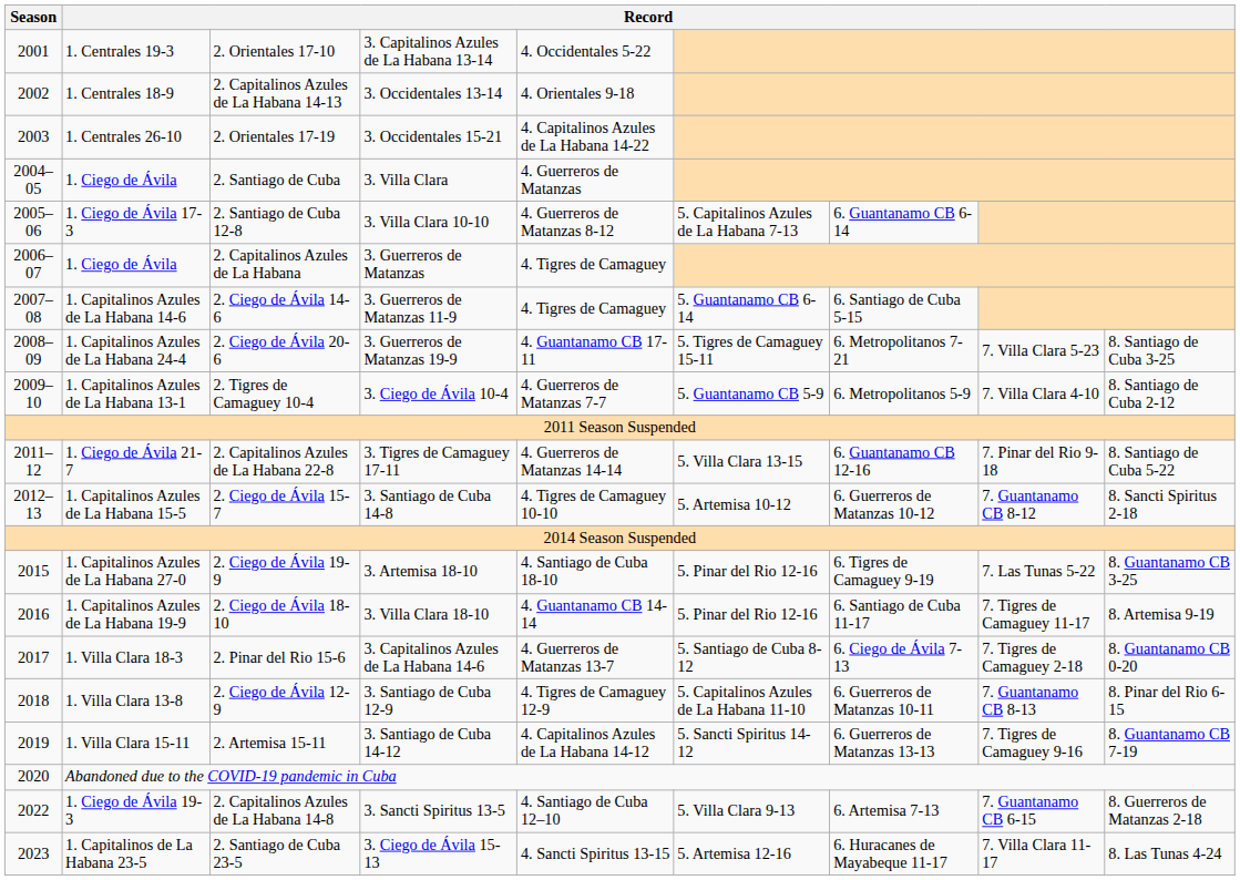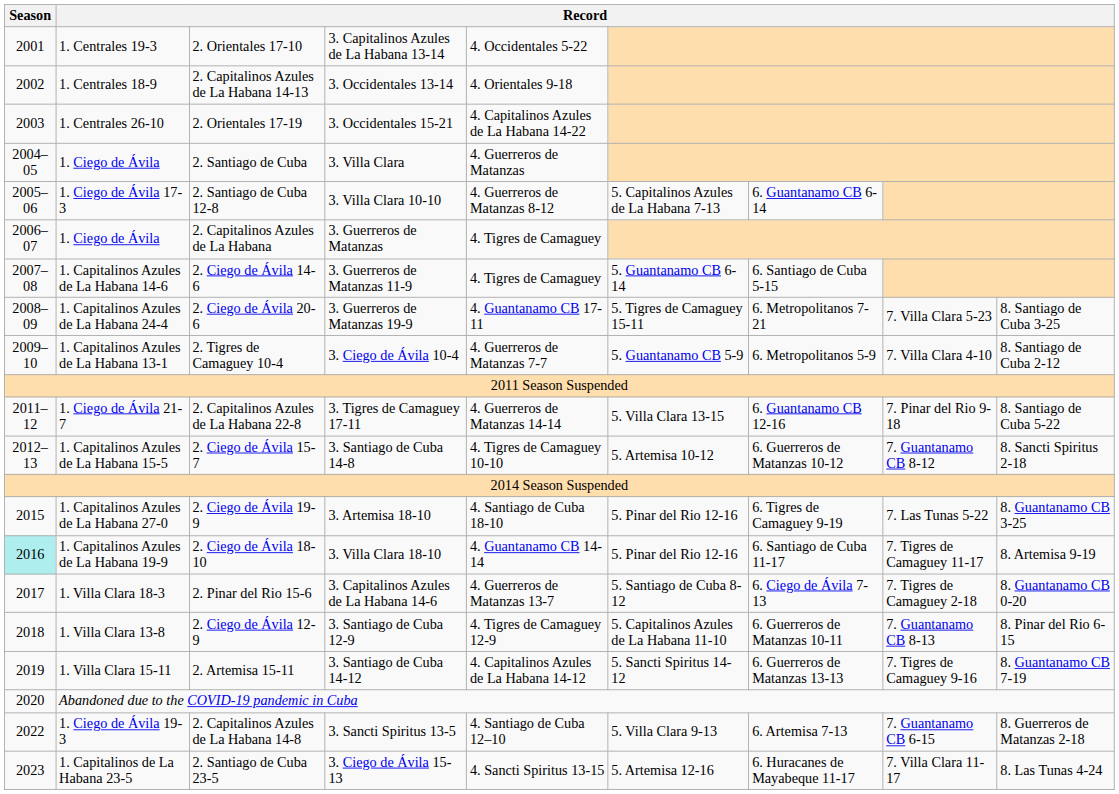 <table class="wikitable">
 <tr>
 <th>Season</th>
 <th colspan="8" style="text-align: center;">Record</th>
 </tr>
 <tr>
 <td style="text-align:center;">2001</td>
 <td>1. Centrales 19-3</td>
 <td>2. Orientales 17-10</td>
 <td>3. Capitalinos Azules de La Habana 13-14</td>
 <td>4. Occidentales 5-22</td>
 <th colspan="4": style='background: #ffdead;'></th>
 </tr>
 <tr>
 <td style="text-align:center;">2002</td>
 <td>1. Centrales 18-9</td>
 <td>2. Capitalinos Azules de La Habana 14-13</td>
 <td>3. Occidentales 13-14</td>
 <td>4. Orientales 9-18</td>
 <th colspan="4": style='background: #ffdead;'></th>
 </tr>
 <tr>
 <td style="text-align:center;">2003</td>
 <td>1. Centrales 26-10</td>
 <td>2. Orientales 17-19</td>
 <td>3. Occidentales 15-21</td>
 <td>4. Capitalinos Azules de La Habana 14-22</td>
 <th colspan="4": style='background: #ffdead;'></th>
 </tr>
 <tr>
 <td style="text-align:center;">2004–05</td>
 <td>1. <a href='#'>Ciego de Ávila</a></td>
 <td>2. Santiago de Cuba</td>
 <td>3. Villa Clara</td>
 <td>4. Guerreros de Matanzas</td>
 <th colspan="4": style='background: #ffdead;'></th>
 </tr>
 <tr>
 <td style="text-align:center;">2005–06</td>
 <td>1. <a href='#'>Ciego de Ávila</a> 17-3</td>
 <td>2. Santiago de Cuba 12-8</td>
 <td>3. Villa Clara 10-10</td>
 <td>4. Guerreros de Matanzas 8-12</td>
 <td>5. Capitalinos Azules de La Habana 7-13</td>
 <td>6. <a href='#'>Guantanamo CB</a> 6-14</td>
 <th colspan="2": style='background: #ffdead;'></th>
 </tr>
 <tr>
 <td style="text-align:center;">2006–07</td>
 <td>1. <a href='#'>Ciego de Ávila</a></td>
 <td>2. Capitalinos Azules de La Habana</td>
 <td>3. Guerreros de Matanzas</td>
 <td>4. Tigres de Camaguey</td>
 <th colspan="4": style='background: #ffdead;'></th>
 </tr>
 <tr>
 <td style="text-align:center;">2007–08</td>
 <td>1. Capitalinos Azules de La Habana 14-6</td>
 <td>2. <a href='#'>Ciego de Ávila</a> 14-6</td>
 <td>3. Guerreros de Matanzas 11-9</td>
 <td>4. Tigres de Camaguey</td>
 <td>5. <a href='#'>Guantanamo CB</a> 6-14</td>
 <td>6. Santiago de Cuba 5-15</td>
 <th colspan="2": style='background: #ffdead;'></th>
 </tr>
 <tr>
 <td style="text-align:center;">2008–09</td>
 <td>1. Capitalinos Azules de La Habana 24-4</td>
 <td>2. <a href='#'>Ciego de Ávila</a> 20-6</td>
 <td>3. Guerreros de Matanzas 19-9</td>
 <td>4. <a href='#'>Guantanamo CB</a> 17-11</td>
 <td>5. Tigres de Camaguey 15-11</td>
 <td>6. Metropolitanos 7-21</td>
 <td>7. Villa Clara 5-23</td>
 <td>8. Santiago de Cuba 3-25</td>
 </tr>
 <tr>
 <td style="text-align:center;">2009–10</td>
 <td>1. Capitalinos Azules de La Habana 13-1</td>
 <td>2. Tigres de Camaguey 10-4</td>
 <td>3. <a href='#'>Ciego de Ávila</a> 10-4</td>
 <td>4. Guerreros de Matanzas 7-7</td>
 <td>5. <a href='#'>Guantanamo CB</a> 5-9</td>
 <td>6. Metropolitanos 5-9</td>
 <td>7. Villa Clara 4-10</td>
 <td>8. Santiago de Cuba 2-12</td>
 </tr>
 <tr>
 <td colspan="9" style="text-align: center; background: #ffdead;">2011 Season Suspended</td>
 </tr>
 <tr>
 <td style="text-align:center;">2011–12</td>
 <td>1. <a href='#'>Ciego de Ávila</a> 21-7</td>
 <td>2. Capitalinos Azules de La Habana 22-8</td>
 <td>3. Tigres de Camaguey 17-11</td>
 <td>4. Guerreros de Matanzas 14-14</td>
 <td>5. Villa Clara 13-15</td>
 <td>6. <a href='#'>Guantanamo CB</a> 12-16</td>
 <td>7. Pinar del Rio 9-18</td>
 <td>8. Santiago de Cuba 5-22</td>
 </tr>
 <tr>
 <td style="text-align:center;">2012–13</td>
 <td>1. Capitalinos Azules de La Habana 15-5</td>
 <td>2. <a href='#'>Ciego de Ávila</a> 15-7</td>
 <td>3. Santiago de Cuba 14-8</td>
 <td>4. Tigres de Camaguey 10-10</td>
 <td>5. Artemisa 10-12</td>
 <td>6. Guerreros de Matanzas 10-12</td>
 <td>7. <a href='#'>Guantanamo CB</a> 8-12</td>
 <td>8. Sancti Spiritus 2-18</td>
 </tr>
 <tr>
 <td colspan="9" style="text-align: center; background: #ffdead;">2014 Season Suspended</td>
 </tr>
 <tr>
 <td style="text-align:center;">2015</td>
 <td>1. Capitalinos Azules de La Habana 27-0</td>
 <td>2. <a href='#'>Ciego de Ávila</a> 19-9</td>
 <td>3. Artemisa 18-10</td>
 <td>4. Santiago de Cuba 18-10</td>
 <td>5. Pinar del Rio 12-16</td>
 <td>6. Tigres de Camaguey 9-19</td>
 <td>7. Las Tunas 5-22</td>
 <td>8. <a href='#'>Guantanamo CB</a> 3-25</td>
 </tr>
 <tr>
-<td style="text-align:center;">2016</td>
+<td style="background: paleturquoise; text-align:center;">2016</td>
 <td>1. Capitalinos Azules de La Habana 19-9</td>
 <td>2. <a href='#'>Ciego de Ávila</a> 18-10</td>
 <td>3. Villa Clara 18-10</td>
 <td>4. <a href='#'>Guantanamo CB</a> 14-14</td>
 <td>5. Pinar del Rio 12-16</td>
 <td>6. Santiago de Cuba 11-17</td>
 <td>7. Tigres de Camaguey 11-17</td>
 <td>8. Artemisa 9-19</td>
 </tr>
 <tr>
 <td style="text-align:center;">2017</td>
 <td>1. Villa Clara 18-3</td>
 <td>2. Pinar del Rio 15-6</td>
 <td>3. Capitalinos Azules de La Habana 14-6</td>
 <td>4. Guerreros de Matanzas 13-7</td>
 <td>5. Santiago de Cuba 8-12</td>
 <td>6. <a href='#'>Ciego de Ávila</a> 7-13</td>
 <td>7. Tigres de Camaguey 2-18</td>
 <td>8. <a href='#'>Guantanamo CB</a> 0-20</td>
 </tr>
 <tr>
 <td style="text-align:center;">2018</td>
 <td>1. Villa Clara 13-8</td>
 <td>2. <a href='#'>Ciego de Ávila</a> 12-9</td>
 <td>3. Santiago de Cuba 12-9</td>
 <td>4. Tigres de Camaguey 12-9</td>
 <td>5. Capitalinos Azules de La Habana 11-10</td>
 <td>6. Guerreros de Matanzas 10-11</td>
 <td>7. <a href='#'>Guantanamo CB</a> 8-13</td>
 <td>8. Pinar del Rio 6-15</td>
 </tr>
 <tr>
 <td style="text-align:center;">2019</td>
 <td>1. Villa Clara 15-11</td>
 <td>2. Artemisa 15-11</td>
 <td>3. Santiago de Cuba 14-12</td>
 <td>4. Capitalinos Azules de La Habana 14-12</td>
 <td>5. Sancti Spiritus 14-12</td>
 <td>6. Guerreros de Matanzas 13-13</td>
 <td>7. Tigres de Camaguey 9-16</td>
 <td>8. <a href='#'>Guantanamo CB</a> 7-19</td>
 </tr>
 <tr>
 <td align=center>2020</td>
 <td colspan="8"><em>Abandoned due to the <a href='#'>COVID-19 pandemic in Cuba</a></em></td>
 </tr>
 <tr>
 <td align=center>2022</td>
 <td>1. <a href='#'>Ciego de Ávila</a> 19-3</td>
 <td>2. Capitalinos Azules de La Habana 14-8</td>
 <td>3. Sancti Spiritus 13-5</td>
 <td>4. Santiago de Cuba 12–10</td>
 <td>5. Villa Clara 9-13</td>
 <td>6. Artemisa 7-13</td>
 <td>7. <a href='#'>Guantanamo CB</a> 6-15</td>
 <td>8. Guerreros de Matanzas 2-18</td>
 </tr>
 <tr>
 <td align=center>2023</td>
 <td>1. Capitalinos de La Habana 23-5</td>
 <td>2. Santiago de Cuba 23-5</td>
 <td>3. <a href='#'>Ciego de Ávila</a> 15-13</td>
 <td>4. Sancti Spiritus 13-15</td>
 <td>5. Artemisa 12-16</td>
 <td>6. Huracanes de Mayabeque 11-17</td>
 <td>7. Villa Clara 11-17</td>
 <td>8. Las Tunas 4-24</td>
 </tr>
 </table>
